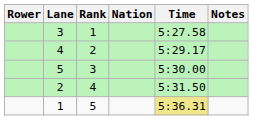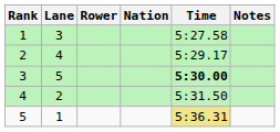 <table class="wikitable sortable" style="text-align:center">
 <tr>
+<th>Rank</th>
+<th>Lane</th>
 <th>Rower</th>
-<th>Lane</th>
-<th>Rank</th>
 <th>Nation</th>
 <th>Time</th>
 <th>Notes</th>
 </tr>
 <tr bgcolor=bbf3bb>
+<td>1</td>
+<td>3</td>
 <td></td>
-<td>3</td>
-<td>1</td>
 <td align=left></td>
 <td>5:27.58</td>
 <td></td>
 </tr>
 <tr bgcolor=bbf3bb>
+<td>2</td>
+<td>4</td>
 <td></td>
-<td>4</td>
-<td>2</td>
 <td align=left></td>
 <td>5:29.17</td>
 <td></td>
 </tr>
 <tr bgcolor=bbf3bb>
+<td>3</td>
+<td>5</td>
 <td></td>
-<td>5</td>
-<td>3</td>
 <td align=left></td>
-<td>5:30.00</td>
+<td><strong>5:30.00</strong></td>
 <td></td>
 </tr>
 <tr bgcolor=bbf3bb>
+<td>4</td>
+<td>2</td>
 <td></td>
-<td>2</td>
-<td>4</td>
 <td align=left></td>
 <td>5:31.50</td>
 <td></td>
 </tr>
 <tr>
+<td>5</td>
+<td>1</td>
 <td></td>
-<td>1</td>
-<td>5</td>
 <td align=left></td>
 <td style="background: khaki;">5:36.31</td>
 <td></td>
 </tr>
 </table>
